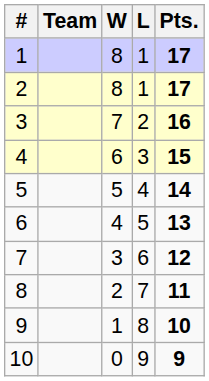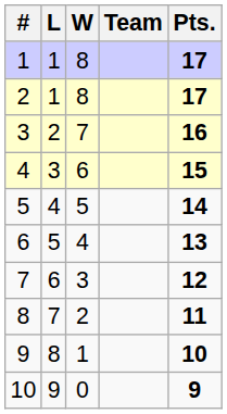 <table class=wikitable style="text-align:center;">
 <tr>
 <th>#</th>
+<th>L</th>
+<th>W</th>
 <th>Team</th>
-<th>W</th>
-<th>L</th>
 <th>Pts.</th>
 </tr>
 <tr bgcolor=#CCCCFF>
 <td>1</td>
+<td>1</td>
+<td>8</td>
 <td align=left></td>
-<td>8</td>
-<td>1</td>
 <td><strong>17</strong></td>
 </tr>
 <tr bgcolor=#FFFFCC>
 <td>2</td>
+<td>1</td>
+<td>8</td>
 <td align=left></td>
-<td>8</td>
-<td>1</td>
 <td><strong>17</strong></td>
 </tr>
 <tr bgcolor=#FFFFCC>
 <td>3</td>
+<td>2</td>
+<td>7</td>
 <td align=left><strong></strong></td>
-<td>7</td>
-<td>2</td>
 <td><strong>16</strong></td>
 </tr>
 <tr bgcolor=#FFFFCC>
 <td>4</td>
+<td>3</td>
+<td>6</td>
 <td align=left></td>
-<td>6</td>
-<td>3</td>
 <td><strong>15</strong></td>
 </tr>
 <tr>
 <td>5</td>
+<td>4</td>
+<td>5</td>
 <td align=left></td>
-<td>5</td>
-<td>4</td>
 <td><strong>14</strong></td>
 </tr>
 <tr>
 <td>6</td>
+<td>5</td>
+<td>4</td>
 <td align=left></td>
-<td>4</td>
-<td>5</td>
 <td><strong>13</strong></td>
 </tr>
 <tr>
 <td>7</td>
+<td>6</td>
+<td>3</td>
 <td align=left></td>
-<td>3</td>
-<td>6</td>
 <td><strong>12</strong></td>
 </tr>
 <tr>
 <td>8</td>
+<td>7</td>
+<td>2</td>
 <td align=left></td>
-<td>2</td>
-<td>7</td>
 <td><strong>11</strong></td>
 </tr>
 <tr>
 <td>9</td>
+<td>8</td>
+<td>1</td>
 <td align=left></td>
-<td>1</td>
-<td>8</td>
 <td><strong>10</strong></td>
 </tr>
 <tr>
 <td>10</td>
+<td>9</td>
+<td>0</td>
 <td align=left></td>
-<td>0</td>
-<td>9</td>
 <td><strong>9</strong></td>
 </tr>
 </table>
